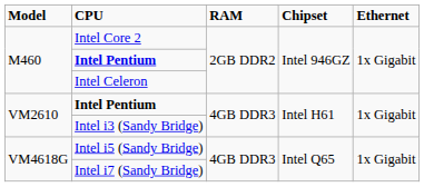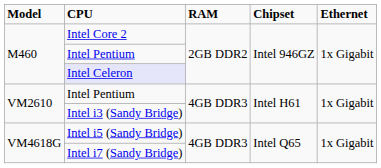 <table class="wikitable sortable">
 <tr>
 <td><strong>Model</strong></td>
 <td><strong>CPU</strong></td>
 <td><strong>RAM</strong></td>
 <td><strong>Chipset</strong></td>
 <td><strong>Ethernet</strong></td>
 </tr>
 <tr>
 <td rowspan="3">M460</td>
 <td><a href='#'>Intel Core 2</a></td>
 <td rowspan="3">2GB DDR2</td>
 <td rowspan="3">Intel 946GZ</td>
 <td rowspan="3">1x Gigabit</td>
 </tr>
 <tr>
-<td><strong><a href='#'>Intel Pentium</a></strong></td>
+<td><a href='#'>Intel Pentium</a></td>
 </tr>
 <tr>
-<td><a href='#'>Intel Celeron</a></td>
+<td style="background: lavender;"><a href='#'>Intel Celeron</a></td>
 </tr>
 <tr>
 <td rowspan="2">VM2610</td>
-<td><strong>Intel Pentium</strong></td>
+<td>Intel Pentium</td>
 <td rowspan="2">4GB DDR3</td>
 <td rowspan="2">Intel H61</td>
 <td rowspan="2">1x Gigabit</td>
 </tr>
 <tr>
 <td><a href='#'>Intel i3</a> (<a href='#'>Sandy Bridge</a>)</td>
 </tr>
 <tr>
 <td rowspan="2">VM4618G</td>
 <td><a href='#'>Intel i5</a> (<a href='#'>Sandy Bridge</a>)</td>
 <td rowspan="2">4GB DDR3</td>
 <td rowspan="2">Intel Q65</td>
 <td rowspan="2">1x Gigabit</td>
 </tr>
 <tr>
 <td><a href='#'>Intel i7</a> (<a href='#'>Sandy Bridge</a>)</td>
 </tr>
 </table>
